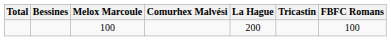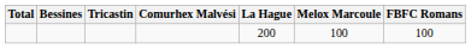 <table class="wikitable sortable" style="text-align:center">
 <tr>
 <th>Total</th>
 <th>Bessines</th>
-<th>Melox Marcoule</th>
+<th>Tricastin</th>
 <th>Comurhex Malvési</th>
 <th>La Hague</th>
-<th>Tricastin</th>
+<th>Melox Marcoule</th>
 <th>FBFC Romans</th>
 </tr>
 <tr>
 <td><strong></strong></td>
 <td></td>
-<td>100</td>
+<td></td>
 <td></td>
 <td>200</td>
-<td></td>
+<td>100</td>
 <td>100</td>
 </tr>
 </table>
